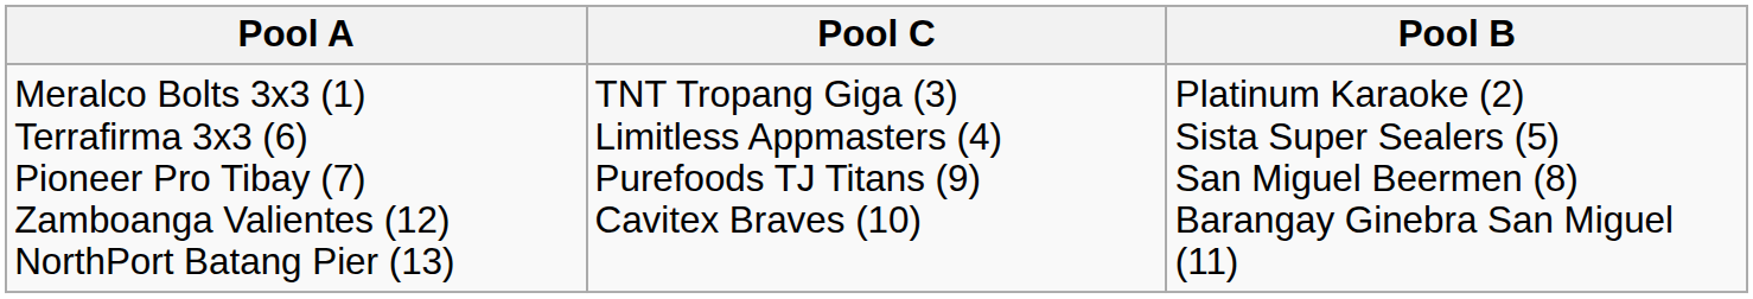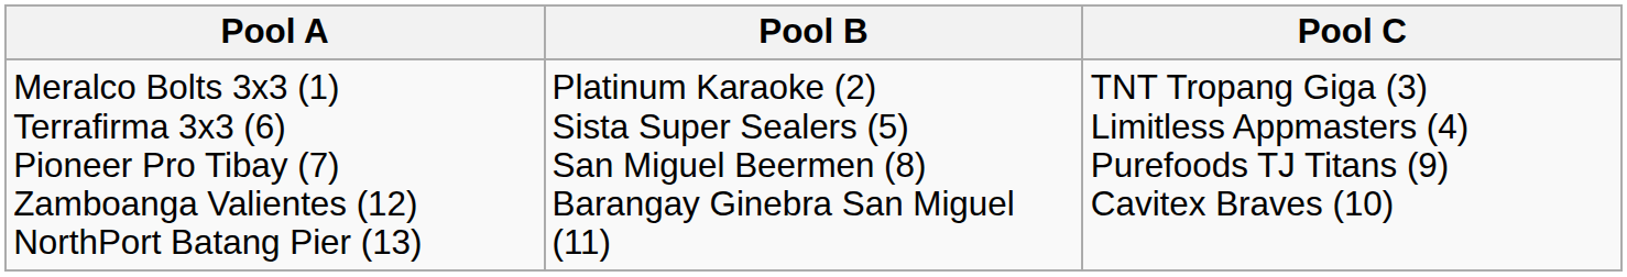 <table class=wikitable width=750>
 <tr>
 <th width=33%>Pool A</th>
+<th width=33%>Pool B</th>
 <th width=33%>Pool C</th>
-<th width=33%>Pool B</th>
 </tr>
 <tr valign=top>
 <td>Meralco Bolts 3x3 (1) <br> Terrafirma 3x3 (6) <br> Pioneer Pro Tibay (7) <br> Zamboanga Valientes (12) <br> NorthPort Batang Pier (13)</td>
+<td>Platinum Karaoke (2) <br> Sista Super Sealers (5) <br> San Miguel Beermen (8) <br> Barangay Ginebra San Miguel (11)</td>
 <td>TNT Tropang Giga (3) <br> Limitless Appmasters (4) <br> Purefoods TJ Titans (9) <br> Cavitex Braves (10)</td>
-<td>Platinum Karaoke (2) <br> Sista Super Sealers (5) <br> San Miguel Beermen (8) <br> Barangay Ginebra San Miguel (11)</td>
 </tr>
 </table>
